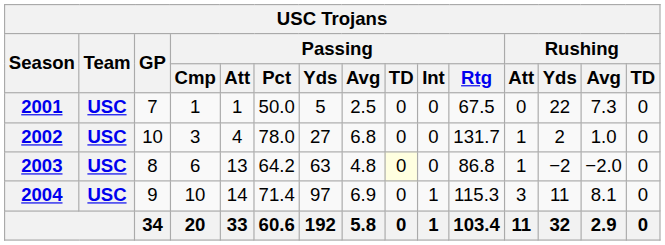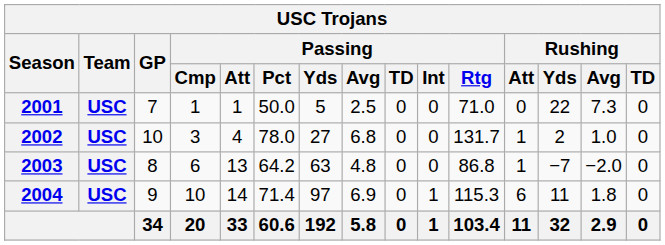 <table class=wikitable style="text-align:center;">
 <tr>
 <th colspan="15">USC Trojans</th>
 </tr>
 <tr>
 <th rowspan="2">Season</th>
 <th rowspan="2">Team</th>
 <th rowspan="2">GP</th>
 <th colspan="8">Passing</th>
 <th colspan="4">Rushing</th>
 </tr>
 <tr>
 <th>Cmp</th>
 <th>Att</th>
 <th>Pct</th>
 <th>Yds</th>
 <th>Avg</th>
 <th>TD</th>
 <th>Int</th>
 <th><a href='#'>Rtg</a></th>
 <th>Att</th>
 <th>Yds</th>
 <th>Avg</th>
 <th>TD</th>
 </tr>
 <tr>
 <th><a href='#'>2001</a></th>
 <th><a href='#'>USC</a></th>
 <td>7</td>
 <td>1</td>
 <td>1</td>
 <td>50.0</td>
 <td>5</td>
 <td>2.5</td>
 <td>0</td>
 <td>0</td>
-<td>67.5</td>
+<td>71.0</td>
 <td>0</td>
 <td>22</td>
 <td>7.3</td>
 <td>0</td>
 </tr>
 <tr>
 <th><a href='#'>2002</a></th>
 <th><a href='#'>USC</a></th>
 <td>10</td>
 <td>3</td>
 <td>4</td>
 <td>78.0</td>
 <td>27</td>
 <td>6.8</td>
 <td>0</td>
 <td>0</td>
 <td>131.7</td>
 <td>1</td>
 <td>2</td>
 <td>1.0</td>
 <td>0</td>
 </tr>
 <tr>
 <th><a href='#'>2003</a></th>
 <th><a href='#'>USC</a></th>
 <td>8</td>
 <td>6</td>
 <td>13</td>
 <td>64.2</td>
 <td>63</td>
 <td>4.8</td>
-<td style="background: lightyellow;">0</td>
+<td>0</td>
 <td>0</td>
 <td>86.8</td>
 <td>1</td>
-<td>−2</td>
+<td>−7</td>
 <td>−2.0</td>
 <td>0</td>
 </tr>
 <tr>
 <th><a href='#'>2004</a></th>
 <th><a href='#'>USC</a></th>
 <td>9</td>
 <td>10</td>
 <td>14</td>
 <td>71.4</td>
 <td>97</td>
 <td>6.9</td>
 <td>0</td>
 <td>1</td>
 <td>115.3</td>
-<td>3</td>
+<td>6</td>
 <td>11</td>
-<td>8.1</td>
+<td>1.8</td>
 <td>0</td>
 </tr>
 <tr>
 <th colspan="2"></th>
 <th>34</th>
 <th>20</th>
 <th>33</th>
 <th>60.6</th>
 <th>192</th>
 <th>5.8</th>
 <th>0</th>
 <th>1</th>
 <th>103.4</th>
 <th>11</th>
 <th>32</th>
 <th>2.9</th>
 <th>0</th>
 </tr>
 </table>
